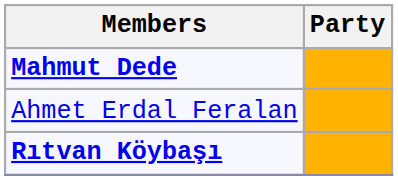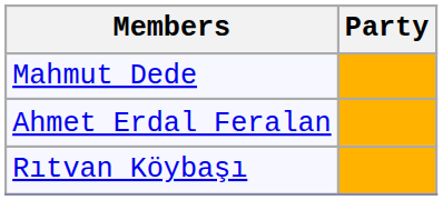 <table class=wikitable style="border:1px solid #8888aa; background-color:#f7f8ff; padding:0px; font-size:90%;">
 <tr>
 <th>Members</th>
 <th colspan="2">Party</th>
 </tr>
 <tr>
-<td><strong><a href='#'>Mahmut Dede</a></strong></td>
+<td><a href='#'>Mahmut Dede</a></td>
 <td style="background: #ffb300"></td>
 </tr>
 <tr>
 <td><a href='#'>Ahmet Erdal Feralan</a></td>
 <td style="background: #ffb300"></td>
 </tr>
 <tr>
-<td><strong><a href='#'>Rıtvan Köybaşı</a></strong></td>
+<td><a href='#'>Rıtvan Köybaşı</a></td>
 <td style="background: #ffb300"></td>
 </tr>
 <tr>
 </tr>
 </table>
